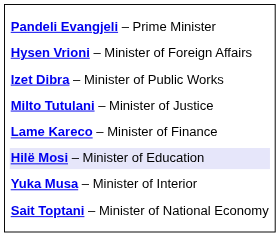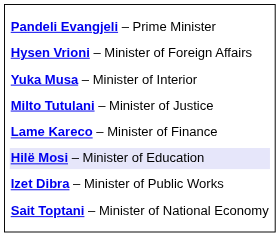 <table cellpadding="1" cellspacing="5" style="border:1px solid #000000; font-size:85%; line-height: 1.5em;">
 <tr>
 <td align="center"></td>
 </tr>
 <tr>
 <td><strong><a href='#'>Pandeli Evangjeli</a></strong> – Prime Minister</td>
 </tr>
 <tr>
 <td><strong><a href='#'>Hysen Vrioni</a></strong> – Minister of Foreign Affairs</td>
 </tr>
 <tr>
-<td><strong><a href='#'>Izet Dibra</a></strong> – Minister of Public Works</td>
+<td><strong><a href='#'>Yuka Musa</a></strong> – Minister of Interior</td>
 </tr>
 <tr>
 <td><strong><a href='#'>Milto Tutulani</a></strong> – Minister of Justice</td>
 </tr>
 <tr>
 <td><strong><a href='#'>Lame Kareco</a></strong> – Minister of Finance</td>
 </tr>
 <tr>
 <td style="background: lavender;"><strong><a href='#'>Hilë Mosi</a></strong> – Minister of Education</td>
 </tr>
 <tr>
-<td><strong><a href='#'>Yuka Musa</a></strong> – Minister of Interior</td>
+<td><strong><a href='#'>Izet Dibra</a></strong> – Minister of Public Works</td>
 </tr>
 <tr>
 <td><strong><a href='#'>Sait Toptani</a></strong> – Minister of National Economy</td>
 </tr>
 <tr>
 </tr>
 </table>
